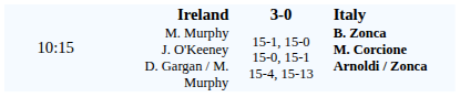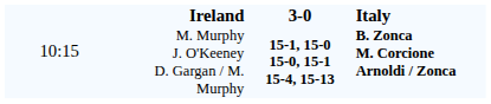 <table style="width: 50%; background:#F5FAFF;" cellspacing="0">
 <tr>
 <td align=center rowspan=3 width=20%>10:15</td>
 </tr>
 <tr>
 <td width=24% align=right><strong>Ireland</strong></td>
 <td align=center width=20%><strong>3-0</strong></td>
 <td width=24%><strong>Italy</strong></td>
 </tr>
 <tr style=font-size:85%>
 <td align=right valign=top>M. Murphy<br>J. O'Keeney<br>D. Gargan / M. Murphy</td>
-<td align=center>15-1, 15-0<br>15-0, 15-1<br>15-4, 15-13</td>
+<td align=center><strong>15-1, 15-0<br>15-0, 15-1<br>15-4, 15-13</strong></td>
 <td valign=top><strong>B. Zonca<br>M. Corcione<br>Arnoldi / Zonca</strong></td>
 </tr>
 </table>
